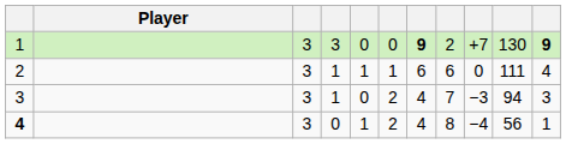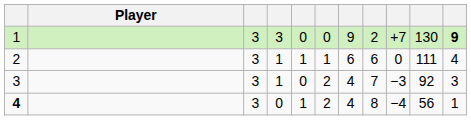 <table class="wikitable" style="text-align:center; margin: 1em auto 1em auto, align:left">
 <tr>
 <th width=20></th>
 <th width=240>Player</th>
 <th width=20></th>
 <th width=20></th>
 <th width=20></th>
 <th width=20></th>
 <th width=20></th>
 <th width=20></th>
 <th width=20></th>
 <th width=30></th>
 <th width=20></th>
 </tr>
 <tr style="background:#D0F0C0;">
 <td>1</td>
 <td align=left></td>
 <td>3</td>
 <td>3</td>
 <td>0</td>
 <td>0</td>
-<td><strong>9</strong></td>
+<td>9</td>
 <td>2</td>
 <td>+7</td>
 <td>130</td>
 <td><strong>9</strong></td>
 </tr>
 <tr style=>
 <td>2</td>
 <td align=left></td>
 <td>3</td>
 <td>1</td>
 <td>1</td>
 <td>1</td>
 <td>6</td>
 <td>6</td>
 <td>0</td>
 <td>111</td>
 <td>4</td>
 </tr>
 <tr style=>
 <td>3</td>
 <td align=left></td>
 <td>3</td>
 <td>1</td>
 <td>0</td>
 <td>2</td>
 <td>4</td>
 <td>7</td>
 <td>−3</td>
-<td>94</td>
+<td>92</td>
 <td>3</td>
 </tr>
 <tr style=>
 <td><strong>4</strong></td>
 <td align=left></td>
 <td>3</td>
 <td>0</td>
 <td>1</td>
 <td>2</td>
 <td>4</td>
 <td>8</td>
 <td>−4</td>
 <td>56</td>
 <td>1</td>
 </tr>
 </table>
